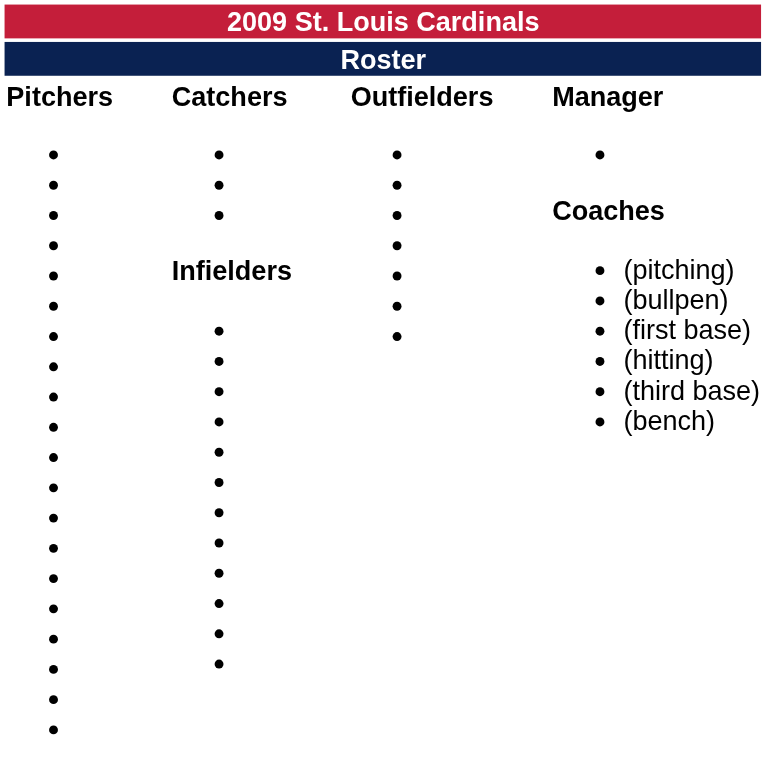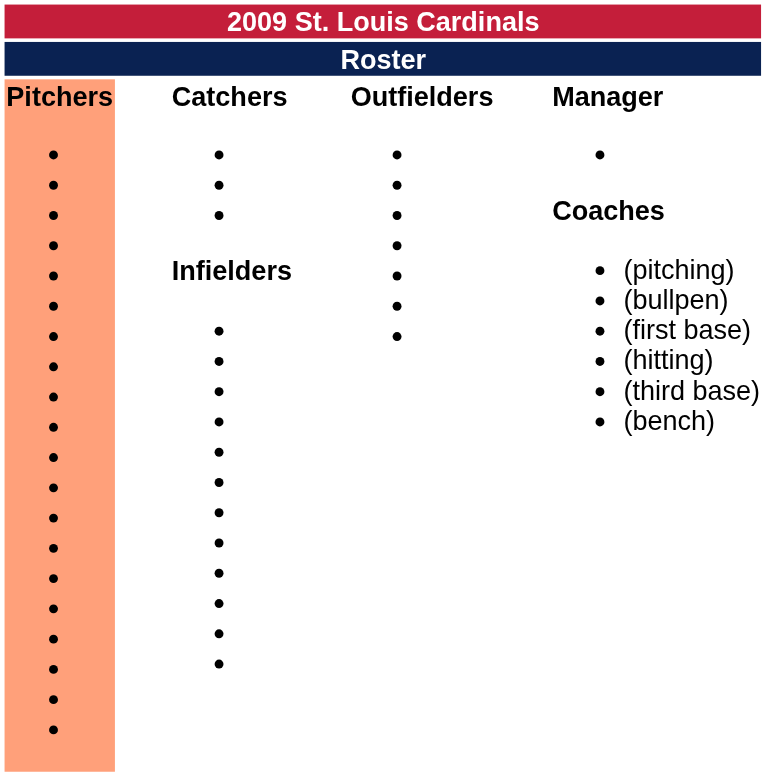 <table class="toccolours" style="font-size: 95%;">
 <tr>
 <th colspan="10" style="background-color: #c41e3a; color: #FFFFFF; text-align: center;">2009 St. Louis Cardinals</th>
 </tr>
 <tr>
 <td colspan="10" style="background-color: #0a2252; color: #FFFFFF; text-align: center;"><strong>Roster</strong></td>
 </tr>
 <tr>
-<td valign="top"><strong>Pitchers</strong><br><ul><li></li><li></li><li></li><li></li><li></li><li></li><li></li><li></li><li></li><li></li><li></li><li></li><li></li><li></li><li></li><li></li><li></li><li></li><li></li><li></li></ul></td>
+<td valign="top" style="background: lightsalmon;"><strong>Pitchers</strong><br><ul><li></li><li></li><li></li><li></li><li></li><li></li><li></li><li></li><li></li><li></li><li></li><li></li><li></li><li></li><li></li><li></li><li></li><li></li><li></li><li></li></ul></td>
 <td width="25px"></td>
 <td valign="top"><strong>Catchers</strong><br><ul><li></li><li></li><li></li></ul><strong>Infielders</strong><ul><li></li><li></li><li></li><li></li><li></li><li></li><li></li><li></li><li></li><li></li><li></li><li></li></ul></td>
 <td width="25px"></td>
 <td valign="top"><strong>Outfielders</strong><br><ul><li></li><li></li><li></li><li></li><li></li><li></li><li></li></ul></td>
 <td width="25px"></td>
 <td valign="top"><strong>Manager</strong><br><ul><li></li></ul><strong>Coaches</strong><ul><li> (pitching)</li><li> (bullpen)</li><li> (first base)</li><li> (hitting)</li><li> (third base)</li><li> (bench)</li></ul></td>
 </tr>
 </table>
